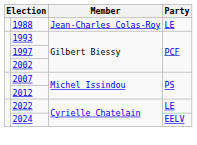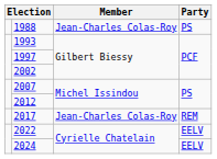 <table class="wikitable">
 <tr>
 <th colspan="2">Election</th>
 <th>Member</th>
 <th>Party</th>
 </tr>
 <tr>
 <td style="color:inherit;background-color: "></td>
 <td><a href='#'>1988</a></td>
 <td><a href='#'>Jean-Charles Colas-Roy</a></td>
-<td><a href='#'>LE</a></td>
+<td><a href='#'>PS</a></td>
 </tr>
 <tr>
 <td rowspan=3 style="color:inherit;background-color: "></td>
 <td><a href='#'>1993</a></td>
 <td rowspan=3>Gilbert Biessy</td>
 <td rowspan=3><a href='#'>PCF</a></td>
 </tr>
 <tr>
 <td><a href='#'>1997</a></td>
 </tr>
 <tr>
 <td><a href='#'>2002</a></td>
 </tr>
 <tr>
 <td rowspan=2 style="color:inherit;background-color: "></td>
 <td><a href='#'>2007</a></td>
 <td rowspan=2><a href='#'>Michel Issindou</a></td>
 <td rowspan=2><a href='#'>PS</a></td>
 </tr>
 <tr>
 <td><a href='#'>2012</a></td>
 </tr>
 <tr>
+<td style="color:inherit;background-color: "></td>
+<td><a href='#'>2017</a></td>
+<td><a href='#'>Jean-Charles Colas-Roy</a></td>
+<td><a href='#'>REM</a></td>
+</tr>
+<tr>
 <td rowspan=2 style="color:inherit;background-color: "></td>
 <td><a href='#'>2022</a></td>
 <td rowspan=2><a href='#'>Cyrielle Chatelain</a></td>
-<td><a href='#'>LE</a></td>
+<td><a href='#'>EELV</a></td>
 </tr>
 <tr>
 <td><a href='#'>2024</a></td>
 <td><a href='#'>EELV</a></td>
 </tr>
 </table>
